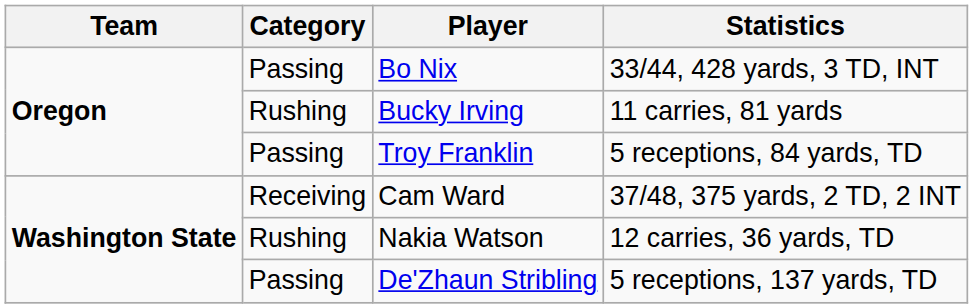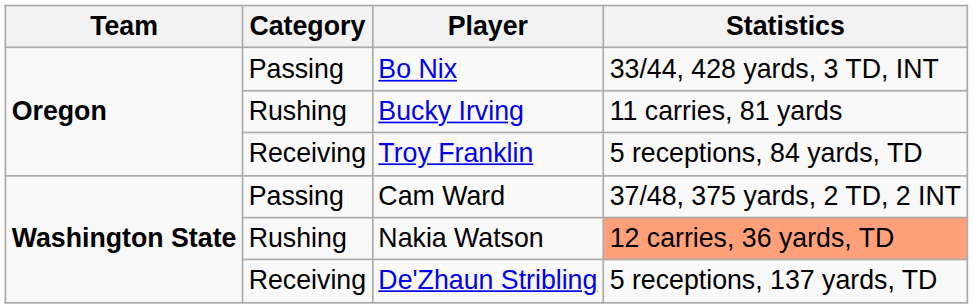 <table class="wikitable" style="float: right;">
 <tr>
 <th>Team</th>
 <th>Category</th>
 <th>Player</th>
 <th>Statistics</th>
 </tr>
 <tr>
 <td rowspan=3><strong>Oregon</strong></td>
 <td>Passing</td>
 <td><a href='#'>Bo Nix</a></td>
 <td>33/44, 428 yards, 3 TD, INT</td>
 </tr>
 <tr>
 <td>Rushing</td>
 <td><a href='#'>Bucky Irving</a></td>
 <td>11 carries, 81 yards</td>
 </tr>
 <tr>
-<td>Passing</td>
+<td>Receiving</td>
 <td><a href='#'>Troy Franklin</a></td>
 <td>5 receptions, 84 yards, TD</td>
 </tr>
 <tr>
 <td rowspan=3><strong>Washington State</strong></td>
-<td>Receiving</td>
+<td>Passing</td>
 <td>Cam Ward</td>
 <td>37/48, 375 yards, 2 TD, 2 INT</td>
 </tr>
 <tr>
 <td>Rushing</td>
 <td>Nakia Watson</td>
-<td>12 carries, 36 yards, TD</td>
+<td style="background: lightsalmon;">12 carries, 36 yards, TD</td>
 </tr>
 <tr>
-<td>Passing</td>
+<td>Receiving</td>
 <td><a href='#'>De'Zhaun Stribling</a></td>
 <td>5 receptions, 137 yards, TD</td>
 </tr>
 </table>
